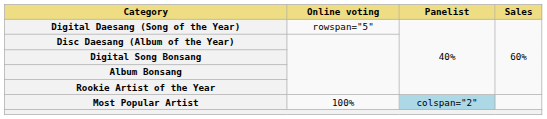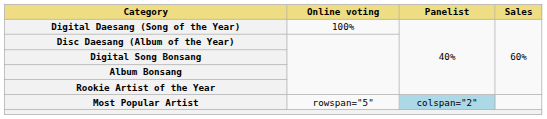 <table class="wikitable" style="text-align:center; width:60%">
 <tr>
 <th scope="col" style="background:#EEDD82">Category</th>
 <th scope="col" style="background:#EEDD82">Online voting</th>
 <th scope="col" style="background:#EEDD82">Panelist</th>
 <th scope="col" style="background:#EEDD82">Sales</th>
 </tr>
 <tr>
 <th scope="col">Digital Daesang (Song of the Year)</th>
-<td>rowspan="5" </td>
+<td>100%</td>
 <td rowspan="5">40%</td>
 <td rowspan="5">60%</td>
 </tr>
 <tr>
 <th scope="col">Disc Daesang (Album of the Year)</th>
 </tr>
 <tr>
 <th scope="col">Digital Song Bonsang</th>
 </tr>
 <tr>
 <th scope="col">Album Bonsang</th>
 </tr>
 <tr>
 <th scope="col">Rookie Artist of the Year</th>
 </tr>
 <tr>
 <th scope="col">Most Popular Artist</th>
-<td>100%</td>
+<td>rowspan="5" </td>
 <td style="background: lightblue;">colspan="2" </td>
 </tr>
 <tr>
 <th colspan="5"></th>
 </tr>
 </table>
